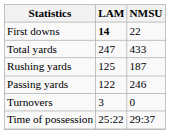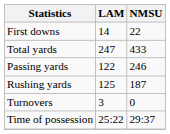 <table class="wikitable" style="float: left;">
 <tr>
 <th>Statistics</th>
 <th>LAM</th>
 <th>NMSU</th>
 </tr>
 <tr>
 <td>First downs</td>
-<td><strong>14</strong></td>
+<td>14</td>
 <td>22</td>
 </tr>
 <tr>
 <td>Total yards</td>
 <td>247</td>
 <td>433</td>
 </tr>
 <tr>
+<td>Passing yards</td>
+<td>122</td>
+<td>246</td>
+</tr>
+<tr>
 <td>Rushing yards</td>
 <td>125</td>
 <td>187</td>
-</tr>
-<tr>
-<td>Passing yards</td>
-<td>122</td>
-<td>246</td>
 </tr>
 <tr>
 <td>Turnovers</td>
 <td>3</td>
 <td>0</td>
 </tr>
 <tr>
 <td>Time of possession</td>
 <td>25:22</td>
 <td>29:37</td>
 </tr>
 <tr>
 </tr>
 </table>
